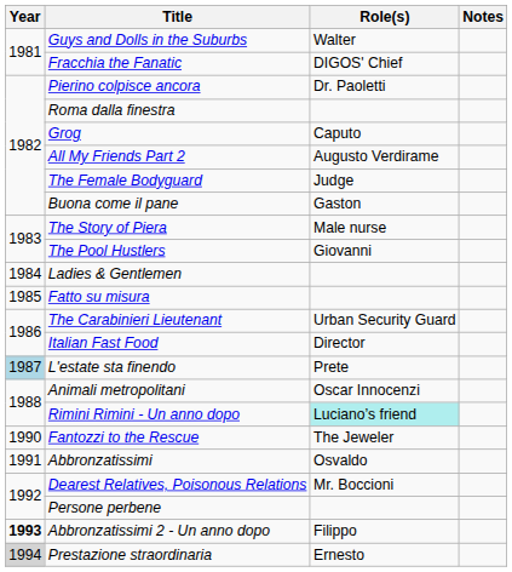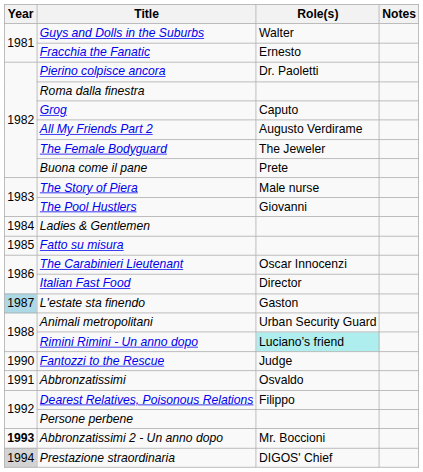 <table class="wikitable plainrowheaders sortable">
 <tr>
 <th scope="col">Year</th>
 <th scope="col">Title</th>
 <th scope="col">Role(s)</th>
 <th scope="col" class="unsortable">Notes</th>
 </tr>
 <tr>
 <td rowspan=2>1981</td>
 <td><em><a href='#'>Guys and Dolls in the Suburbs</a></em></td>
 <td>Walter</td>
 <td></td>
 </tr>
 <tr>
 <td><em><a href='#'>Fracchia the Fanatic</a></em></td>
-<td>DIGOS' Chief</td>
+<td>Ernesto</td>
 <td></td>
 </tr>
 <tr>
 <td rowspan=6>1982</td>
 <td><em><a href='#'>Pierino colpisce ancora</a></em></td>
 <td>Dr. Paoletti</td>
 <td></td>
 </tr>
 <tr>
 <td><em>Roma dalla finestra</em></td>
 <td></td>
 <td></td>
 </tr>
 <tr>
 <td><em><a href='#'>Grog</a></em></td>
 <td>Caputo</td>
 <td></td>
 </tr>
 <tr>
 <td><em><a href='#'>All My Friends Part 2</a></em></td>
 <td>Augusto Verdirame</td>
 <td></td>
 </tr>
 <tr>
 <td><em><a href='#'>The Female Bodyguard</a></em></td>
-<td>Judge</td>
+<td>The Jeweler</td>
 <td></td>
 </tr>
 <tr>
 <td><em>Buona come il pane</em></td>
-<td>Gaston</td>
+<td>Prete</td>
 <td></td>
 </tr>
 <tr>
 <td rowspan=2>1983</td>
 <td><em><a href='#'>The Story of Piera</a></em></td>
 <td>Male nurse</td>
 <td></td>
 </tr>
 <tr>
 <td><em><a href='#'>The Pool Hustlers</a></em></td>
 <td>Giovanni</td>
 <td></td>
 </tr>
 <tr>
 <td>1984</td>
 <td><em>Ladies & Gentlemen</em></td>
 <td></td>
 <td></td>
 </tr>
 <tr>
 <td>1985</td>
 <td><em><a href='#'>Fatto su misura</a></em></td>
 <td></td>
 <td></td>
 </tr>
 <tr>
 <td rowspan=2>1986</td>
 <td><em><a href='#'>The Carabinieri Lieutenant</a></em></td>
-<td>Urban Security Guard</td>
+<td>Oscar Innocenzi</td>
 <td></td>
 </tr>
 <tr>
 <td><em><a href='#'>Italian Fast Food</a></em></td>
 <td>Director</td>
 <td></td>
 </tr>
 <tr>
 <td style="background: lightblue;">1987</td>
 <td><em>L'estate sta finendo</em></td>
-<td>Prete</td>
+<td>Gaston</td>
 <td></td>
 </tr>
 <tr>
 <td rowspan=2>1988</td>
 <td><em>Animali metropolitani</em></td>
-<td>Oscar Innocenzi</td>
+<td>Urban Security Guard</td>
 <td></td>
 </tr>
 <tr>
 <td><em><a href='#'>Rimini Rimini - Un anno dopo</a></em></td>
 <td style="background: paleturquoise;">Luciano’s friend</td>
 <td></td>
 </tr>
 <tr>
 <td>1990</td>
 <td><em><a href='#'>Fantozzi to the Rescue</a></em></td>
-<td>The Jeweler</td>
+<td>Judge</td>
 <td></td>
 </tr>
 <tr>
 <td>1991</td>
 <td><em>Abbronzatissimi</em></td>
 <td>Osvaldo</td>
 <td></td>
 </tr>
 <tr>
 <td rowspan=2>1992</td>
 <td><em><a href='#'>Dearest Relatives, Poisonous Relations</a></em></td>
-<td>Mr. Boccioni</td>
+<td>Filippo</td>
 <td></td>
 </tr>
 <tr>
 <td><em>Persone perbene</em></td>
 <td></td>
 <td></td>
 </tr>
 <tr>
 <td><strong>1993</strong></td>
 <td><em>Abbronzatissimi 2 - Un anno dopo</em></td>
-<td>Filippo</td>
+<td>Mr. Boccioni</td>
 <td></td>
 </tr>
 <tr>
 <td style="background: lightgrey;">1994</td>
 <td><em>Prestazione straordinaria</em></td>
-<td>Ernesto</td>
+<td>DIGOS' Chief</td>
 <td></td>
 </tr>
 </table>
